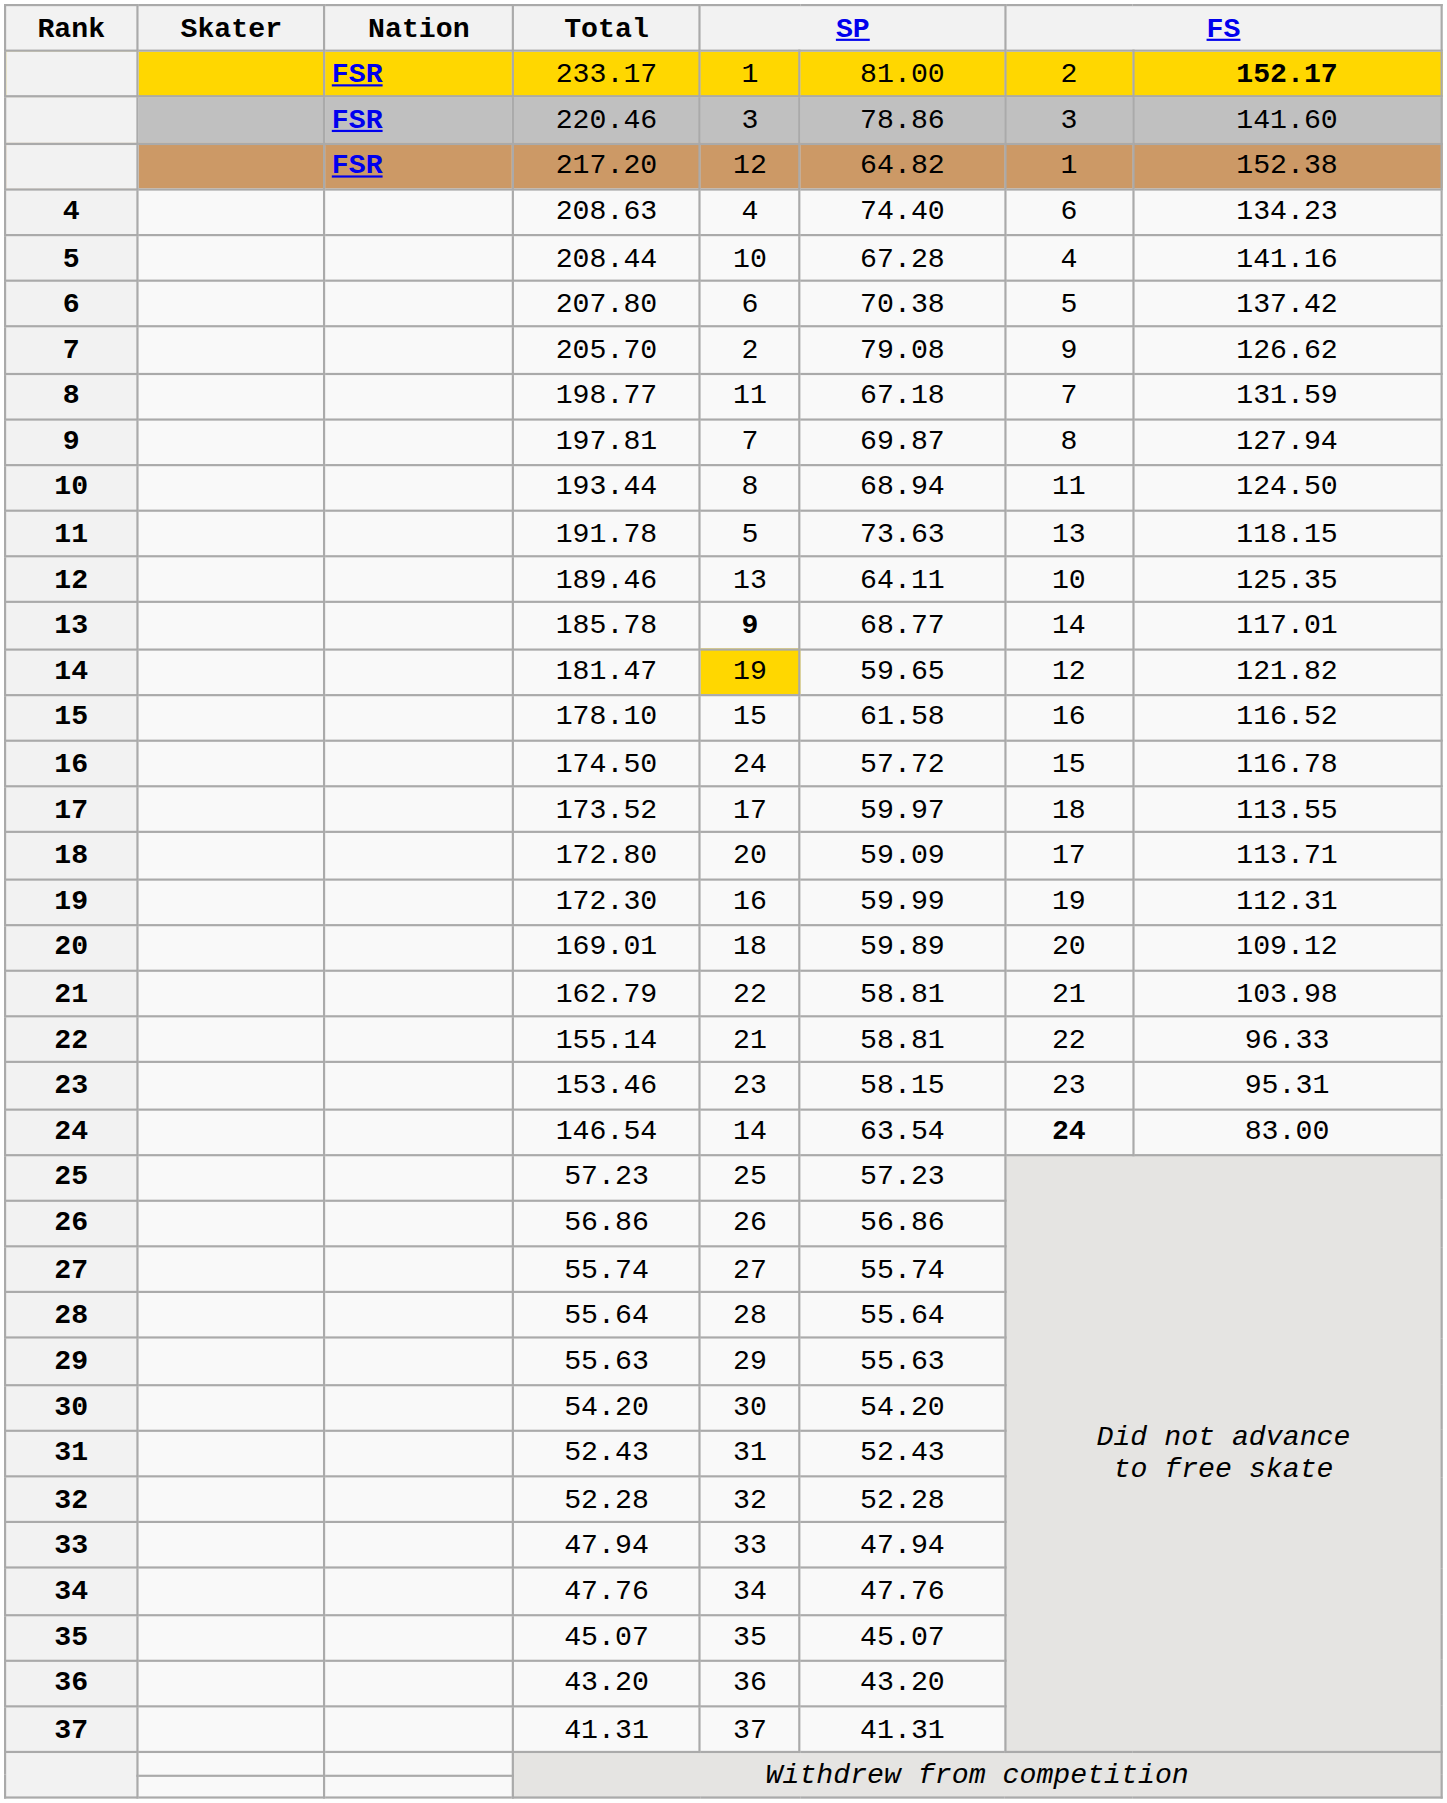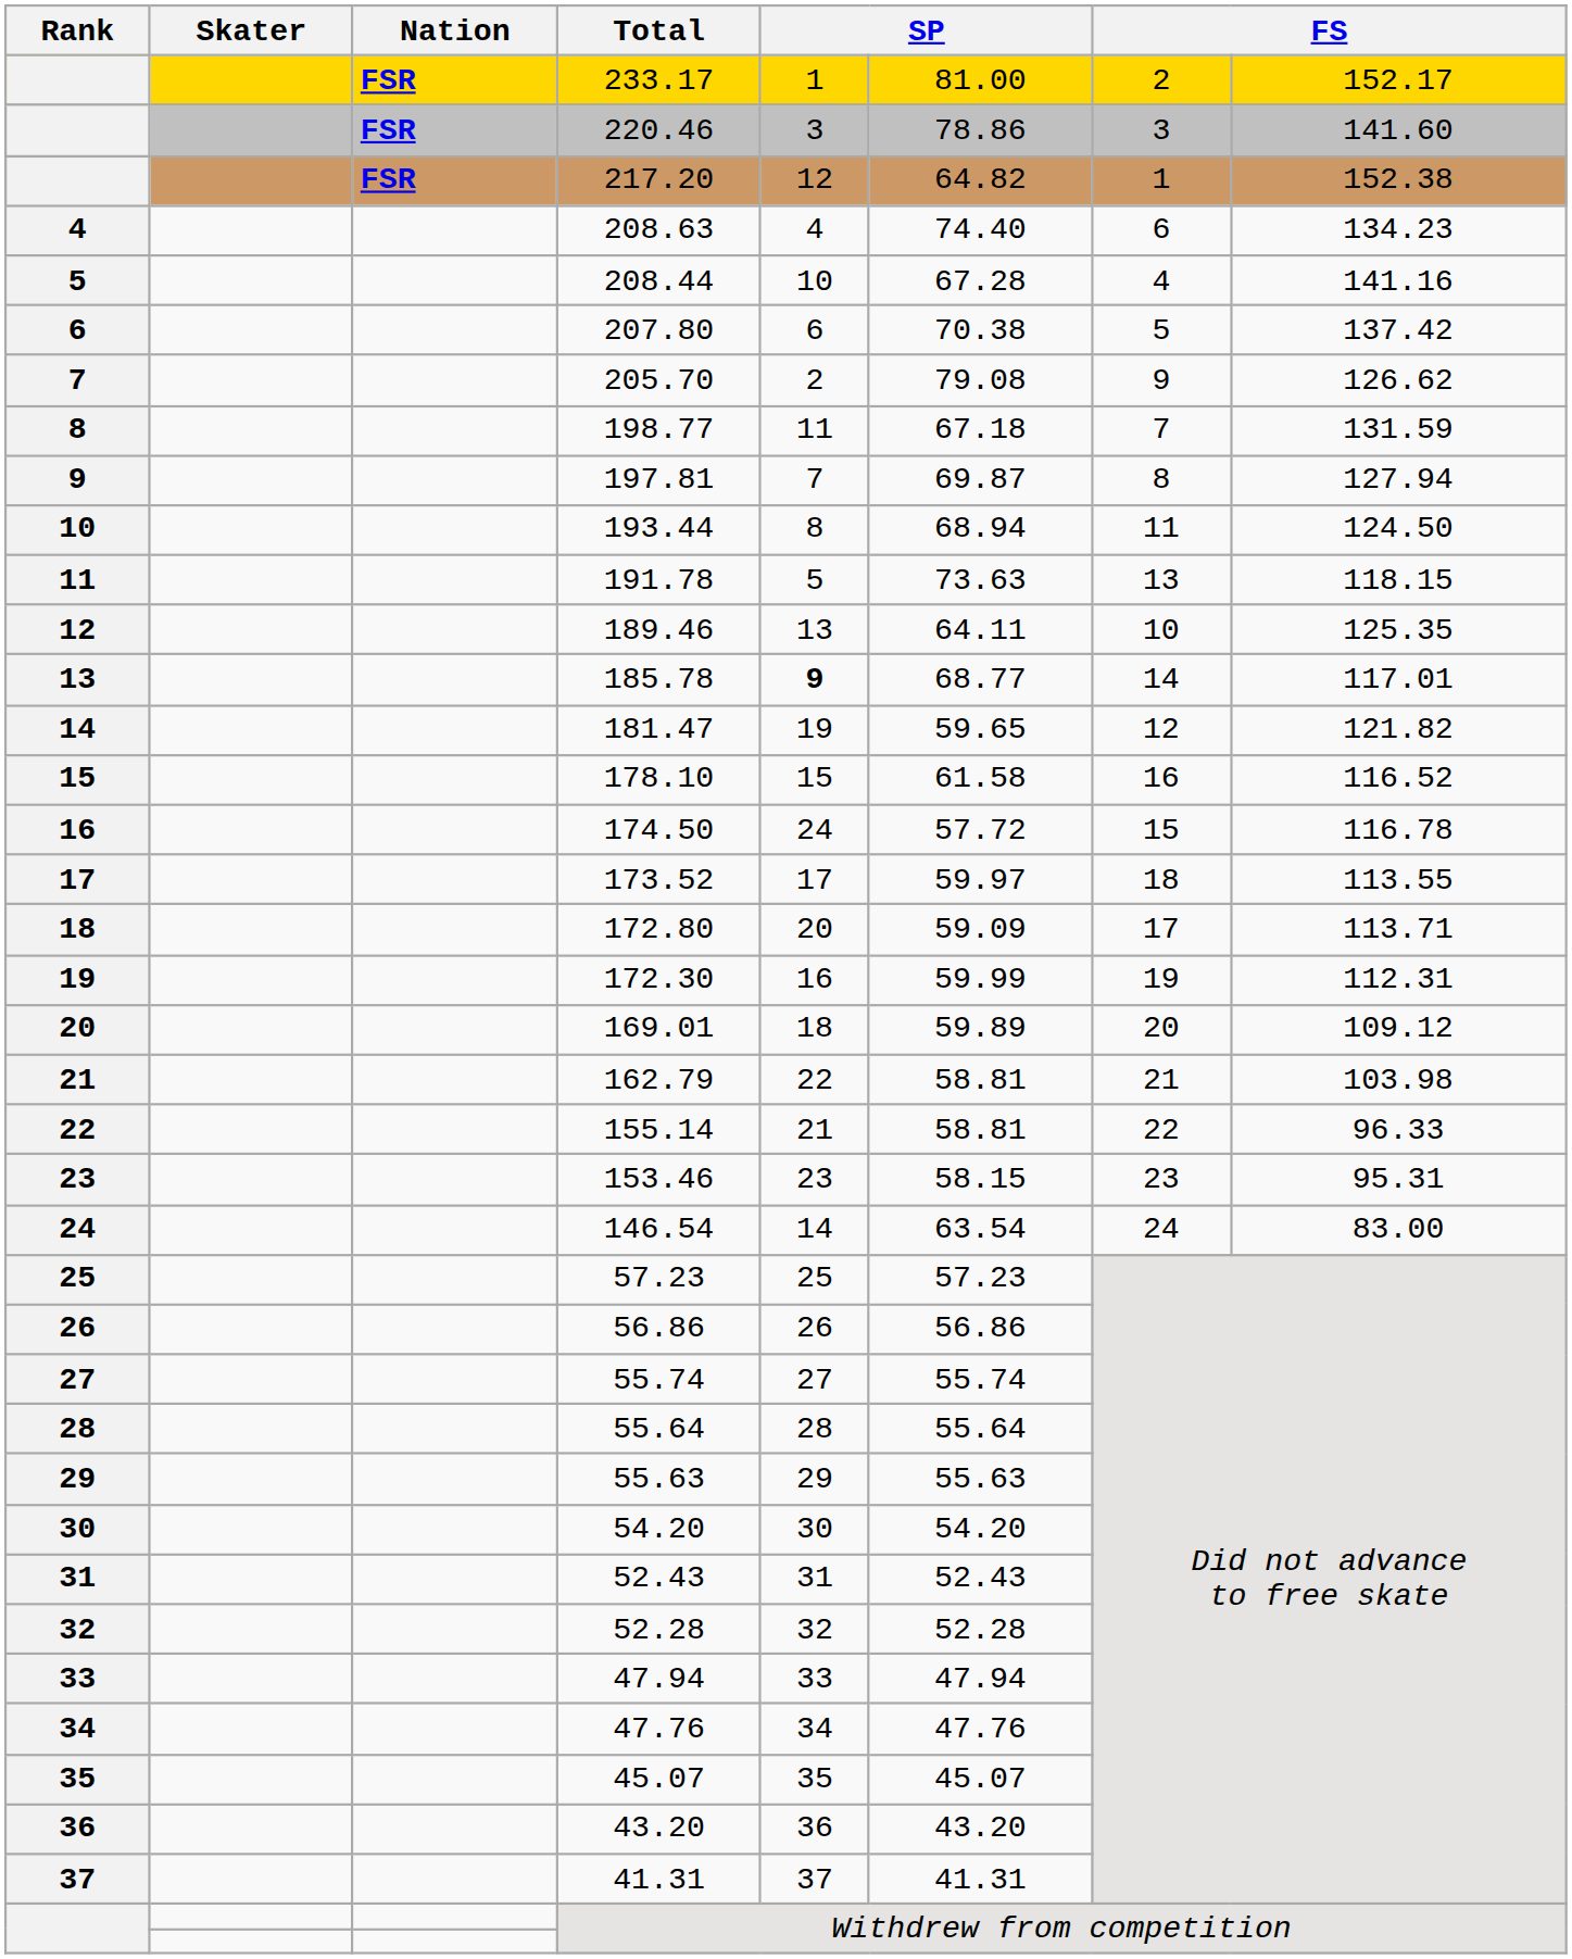 <table class="wikitable sortable" style="text-align:center; width:75%">
 <tr>
 <th scope="col">Rank</th>
 <th scope="col">Skater</th>
 <th scope="col">Nation</th>
 <th scope="col">Total</th>
 <th colspan="2" width="80px"><a href='#'>SP</a></th>
 <th colspan="2" width="80px"><a href='#'>FS</a></th>
 </tr>
 <tr bgcolor="gold">
 <th scope="row"></th>
 <td align="left"></td>
 <td align="left"><strong><a href='#'>FSR</a></strong></td>
 <td align="center">233.17</td>
 <td align="center">1</td>
 <td align="center">81.00</td>
 <td align="center">2</td>
-<td align="center"><strong>152.17</strong></td>
+<td align="center">152.17</td>
 </tr>
 <tr bgcolor="silver">
 <th scope="row"></th>
 <td align="left"></td>
 <td align="left"><strong><a href='#'>FSR</a></strong></td>
 <td align="center">220.46</td>
 <td align="center">3</td>
 <td align="center">78.86</td>
 <td align="center">3</td>
 <td align="center">141.60</td>
 </tr>
 <tr bgcolor="#cc9966">
 <th scope="row"></th>
 <td align="left"></td>
 <td align="left"><strong><a href='#'>FSR</a></strong></td>
 <td align="center">217.20</td>
 <td align="center">12</td>
 <td align="center">64.82</td>
 <td align="center">1</td>
 <td align="center">152.38</td>
 </tr>
 <tr>
 <th scope="row">4</th>
 <td align="left"></td>
 <td align="left"></td>
 <td align="center">208.63</td>
 <td align="center">4</td>
 <td align="center">74.40</td>
 <td align="center">6</td>
 <td align="center">134.23</td>
 </tr>
 <tr>
 <th scope="row">5</th>
 <td align="left"></td>
 <td align="left"></td>
 <td align="center">208.44</td>
 <td align="center">10</td>
 <td align="center">67.28</td>
 <td align="center">4</td>
 <td align="center">141.16</td>
 </tr>
 <tr>
 <th scope="row">6</th>
 <td align="left"></td>
 <td align="left"></td>
 <td align="center">207.80</td>
 <td align="center">6</td>
 <td align="center">70.38</td>
 <td align="center">5</td>
 <td align="center">137.42</td>
 </tr>
 <tr>
 <th scope="row">7</th>
 <td align="left"></td>
 <td align="left"></td>
 <td align="center">205.70</td>
 <td align="center">2</td>
 <td align="center">79.08</td>
 <td align="center">9</td>
 <td align="center">126.62</td>
 </tr>
 <tr>
 <th scope="row">8</th>
 <td align="left"></td>
 <td align="left"></td>
 <td align="center">198.77</td>
 <td align="center">11</td>
 <td align="center">67.18</td>
 <td align="center">7</td>
 <td align="center">131.59</td>
 </tr>
 <tr>
 <th scope="row">9</th>
 <td align="left"></td>
 <td align="left"></td>
 <td align="center">197.81</td>
 <td align="center">7</td>
 <td align="center">69.87</td>
 <td align="center">8</td>
 <td align="center">127.94</td>
 </tr>
 <tr>
 <th scope="row">10</th>
 <td align="left"></td>
 <td align="left"></td>
 <td align="center">193.44</td>
 <td align="center">8</td>
 <td align="center">68.94</td>
 <td align="center">11</td>
 <td align="center">124.50</td>
 </tr>
 <tr>
 <th scope="row">11</th>
 <td align="left"></td>
 <td align="left"></td>
 <td align="center">191.78</td>
 <td align="center">5</td>
 <td align="center">73.63</td>
 <td align="center">13</td>
 <td align="center">118.15</td>
 </tr>
 <tr>
 <th scope="row">12</th>
 <td align="left"></td>
 <td align="left"></td>
 <td align="center">189.46</td>
 <td align="center">13</td>
 <td align="center">64.11</td>
 <td align="center">10</td>
 <td align="center">125.35</td>
 </tr>
 <tr>
 <th scope="row">13</th>
 <td align="left"></td>
 <td align="left"></td>
 <td align="center">185.78</td>
 <td align="center"><strong>9</strong></td>
 <td align="center">68.77</td>
 <td align="center">14</td>
 <td align="center">117.01</td>
 </tr>
 <tr>
 <th scope="row">14</th>
 <td align="left"></td>
 <td align="left"></td>
 <td align="center">181.47</td>
-<td align="center" style="background: gold;">19</td>
+<td align="center">19</td>
 <td align="center">59.65</td>
 <td align="center">12</td>
 <td align="center">121.82</td>
 </tr>
 <tr>
 <th scope="row">15</th>
 <td align="left"></td>
 <td align="left"></td>
 <td align="center">178.10</td>
 <td align="center">15</td>
 <td align="center">61.58</td>
 <td align="center">16</td>
 <td align="center">116.52</td>
 </tr>
 <tr>
 <th scope="row">16</th>
 <td align="left"></td>
 <td align="left"></td>
 <td align="center">174.50</td>
 <td align="center">24</td>
 <td align="center">57.72</td>
 <td align="center">15</td>
 <td align="center">116.78</td>
 </tr>
 <tr>
 <th scope="row">17</th>
 <td align="left"></td>
 <td align="left"></td>
 <td align="center">173.52</td>
 <td align="center">17</td>
 <td align="center">59.97</td>
 <td align="center">18</td>
 <td align="center">113.55</td>
 </tr>
 <tr>
 <th scope="row">18</th>
 <td align="left"></td>
 <td align="left"></td>
 <td align="center">172.80</td>
 <td align="center">20</td>
 <td align="center">59.09</td>
 <td align="center">17</td>
 <td align="center">113.71</td>
 </tr>
 <tr>
 <th scope="row">19</th>
 <td align="left"></td>
 <td align="left"></td>
 <td align="center">172.30</td>
 <td align="center">16</td>
 <td align="center">59.99</td>
 <td align="center">19</td>
 <td align="center">112.31</td>
 </tr>
 <tr>
 <th scope="row">20</th>
 <td align="left"></td>
 <td align="left"></td>
 <td align="center">169.01</td>
 <td align="center">18</td>
 <td align="center">59.89</td>
 <td align="center">20</td>
 <td align="center">109.12</td>
 </tr>
 <tr>
 <th scope="row">21</th>
 <td align="left"></td>
 <td align="left"></td>
 <td align="center">162.79</td>
 <td align="center">22</td>
 <td align="center">58.81</td>
 <td align="center">21</td>
 <td align="center">103.98</td>
 </tr>
 <tr>
 <th scope="row">22</th>
 <td align="left"></td>
 <td align="left"></td>
 <td align="center">155.14</td>
 <td align="center">21</td>
 <td align="center">58.81</td>
 <td align="center">22</td>
 <td align="center">96.33</td>
 </tr>
 <tr>
 <th scope="row">23</th>
 <td align="left"></td>
 <td align="left"></td>
 <td align="center">153.46</td>
 <td align="center">23</td>
 <td align="center">58.15</td>
 <td align="center">23</td>
 <td align="center">95.31</td>
 </tr>
 <tr>
 <th scope="row">24</th>
 <td align="left"></td>
 <td align="left"></td>
 <td align="center">146.54</td>
 <td align="center">14</td>
 <td align="center">63.54</td>
-<td align="center"><strong>24</strong></td>
+<td align="center">24</td>
 <td align="center">83.00</td>
 </tr>
 <tr>
 <th scope="row">25</th>
 <td align="left"></td>
 <td align="left"></td>
 <td align="center">57.23</td>
 <td align="center">25</td>
 <td align="center">57.23</td>
 <td colspan="2" rowspan="13" align="center" bgcolor="e5e4e2"><em>Did not advance<br>to free skate</em></td>
 </tr>
 <tr>
 <th scope="row">26</th>
 <td align="left"></td>
 <td align="left"></td>
 <td align="center">56.86</td>
 <td align="center">26</td>
 <td align="center">56.86</td>
 </tr>
 <tr>
 <th scope="row">27</th>
 <td align="left"></td>
 <td align="left"></td>
 <td align="center">55.74</td>
 <td align="center">27</td>
 <td align="center">55.74</td>
 </tr>
 <tr>
 <th scope="row">28</th>
 <td align="left"></td>
 <td align="left"></td>
 <td align="center">55.64</td>
 <td align="center">28</td>
 <td align="center">55.64</td>
 </tr>
 <tr>
 <th scope="row">29</th>
 <td align="left"></td>
 <td align="left"></td>
 <td align="center">55.63</td>
 <td align="center">29</td>
 <td align="center">55.63</td>
 </tr>
 <tr>
 <th scope="row">30</th>
 <td align="left"></td>
 <td align="left"></td>
 <td align="center">54.20</td>
 <td align="center">30</td>
 <td align="center">54.20</td>
 </tr>
 <tr>
 <th scope="row">31</th>
 <td align="left"></td>
 <td align="left"></td>
 <td align="center">52.43</td>
 <td align="center">31</td>
 <td align="center">52.43</td>
 </tr>
 <tr>
 <th scope="row">32</th>
 <td align="left"></td>
 <td align="left"></td>
 <td align="center">52.28</td>
 <td align="center">32</td>
 <td align="center">52.28</td>
 </tr>
 <tr>
 <th scope="row">33</th>
 <td align="left"></td>
 <td align="left"></td>
 <td align="center">47.94</td>
 <td align="center">33</td>
 <td align="center">47.94</td>
 </tr>
 <tr>
 <th scope="row">34</th>
 <td align="left"></td>
 <td align="left"></td>
 <td align="center">47.76</td>
 <td align="center">34</td>
 <td align="center">47.76</td>
 </tr>
 <tr>
 <th scope="row">35</th>
 <td align="left"></td>
 <td align="left"></td>
 <td align="center">45.07</td>
 <td align="center">35</td>
 <td align="center">45.07</td>
 </tr>
 <tr>
 <th scope="row">36</th>
 <td align="left"></td>
 <td align="left"></td>
 <td align="center">43.20</td>
 <td align="center">36</td>
 <td align="center">43.20</td>
 </tr>
 <tr>
 <th scope="row">37</th>
 <td align="left"></td>
 <td align="left"></td>
 <td align="center">41.31</td>
 <td align="center">37</td>
 <td align="center">41.31</td>
 </tr>
 <tr>
 <th rowspan="2" scope="row"></th>
 <td align="left"></td>
 <td align="left"></td>
 <td colspan="5" rowspan="2" align="center" bgcolor="e5e4e2"><em>Withdrew from competition</em></td>
 </tr>
 <tr>
 <td align="left"></td>
 <td align="left"></td>
 </tr>
 </table>
